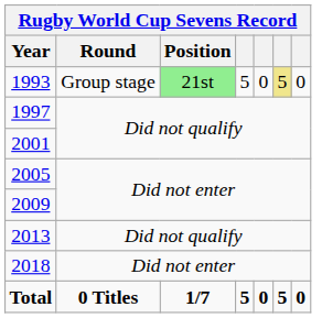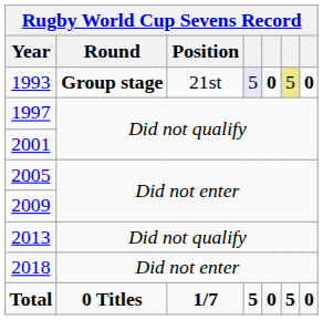 <table class="wikitable" style="text-align: center;">
 <tr>
 <th colspan=10><a href='#'>Rugby World Cup Sevens Record</a></th>
 </tr>
 <tr>
 <th>Year</th>
 <th>Round</th>
 <th>Position</th>
 <th></th>
 <th></th>
 <th></th>
 <th></th>
 </tr>
 <tr>
 <td> <a href='#'>1993</a></td>
-<td>Group stage</td>
-<td style="background: lightgreen;">21st</td>
-<td>5</td>
-<td>0</td>
+<td><strong>Group stage</strong></td>
+<td>21st</td>
+<td style="background: lavender;">5</td>
+<td><strong>0</strong></td>
 <td style="background: khaki;">5</td>
-<td>0</td>
+<td><strong>0</strong></td>
 </tr>
 <tr>
 <td> <a href='#'>1997</a></td>
 <td colspan=6 rowspan=2><em>Did not qualify</em></td>
 </tr>
 <tr>
 <td> <a href='#'>2001</a></td>
 </tr>
 <tr>
 <td> <a href='#'>2005</a></td>
 <td rowspan=2 colspan=6><em>Did not enter</em></td>
 </tr>
 <tr>
 <td> <a href='#'>2009</a></td>
 </tr>
 <tr>
 <td> <a href='#'>2013</a></td>
 <td colspan="6"><em>Did not qualify</em></td>
 </tr>
 <tr>
 <td> <a href='#'>2018</a></td>
 <td colspan="6"><em>Did not enter</em></td>
 </tr>
 <tr>
 <td colspan=1><strong>Total</strong></td>
 <td><strong>0 Titles</strong></td>
 <td><strong>1/7</strong></td>
 <td><strong>5</strong></td>
 <td><strong>0</strong></td>
 <td><strong>5</strong></td>
 <td><strong>0</strong></td>
 </tr>
 </table>
